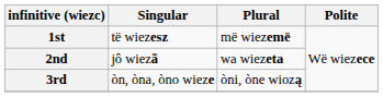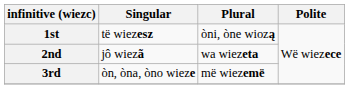 <table class="wikitable">
 <tr>
 <th>infinitive (wiezc)</th>
 <th>Singular</th>
 <th>Plural</th>
 <th>Polite</th>
 </tr>
 <tr>
 <th>1st</th>
 <td>të wiez<strong>esz</strong></td>
-<td>më wiez<strong>emë</strong></td>
+<td>òni, òne wioz<strong>ą</strong></td>
 <td rowspan="3">Wë  wiez<strong>ece</strong></td>
 </tr>
 <tr>
 <th>2nd</th>
 <td>jô wiez<strong>ã</strong></td>
 <td>wa wiez<strong>eta</strong></td>
 </tr>
 <tr>
 <th>3rd</th>
 <td>òn, òna, òno wiez<strong>e</strong></td>
-<td>òni, òne wioz<strong>ą</strong></td>
+<td>më wiez<strong>emë</strong></td>
 </tr>
 <tr>
 </tr>
 </table>
